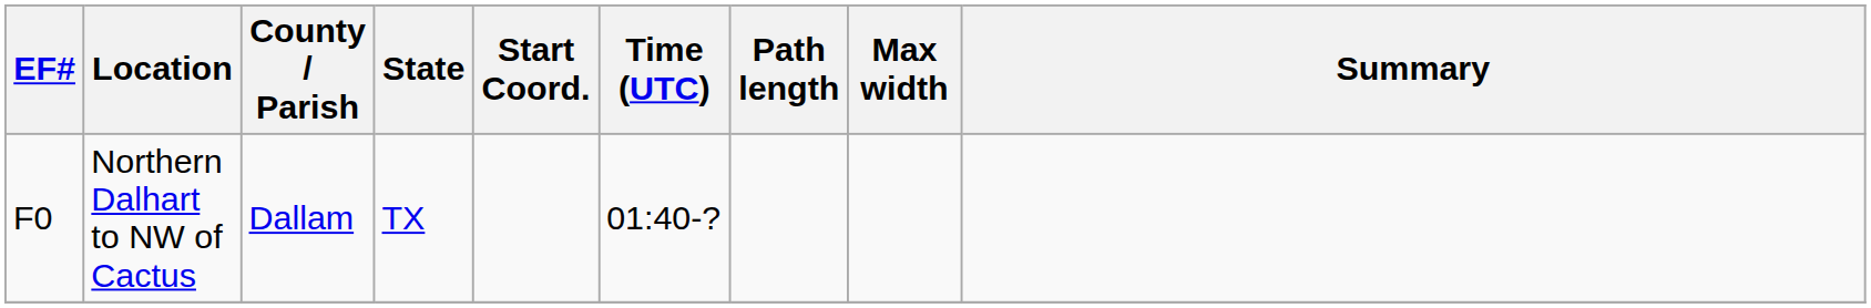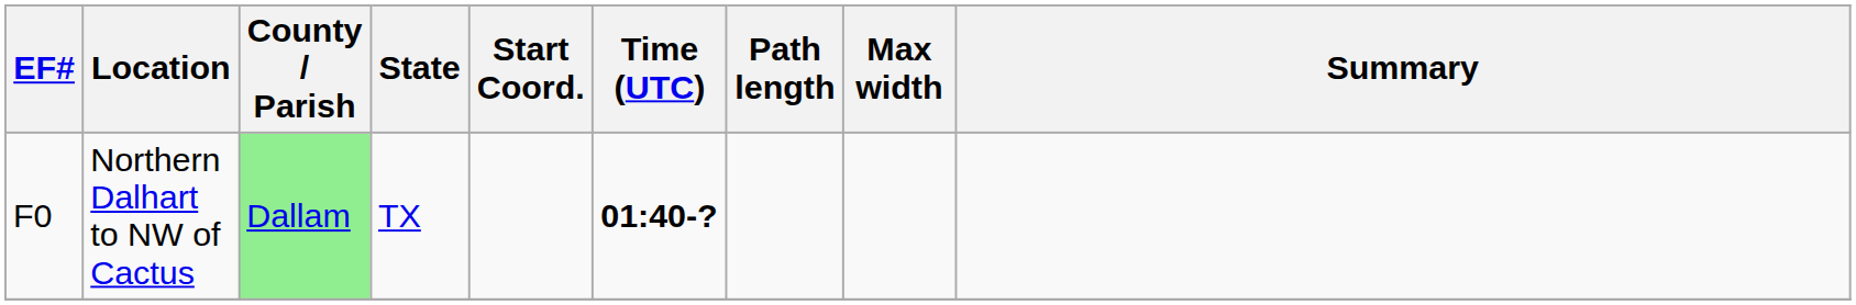 <table class="wikitable sortable" style="width:100%;">
 <tr>
 <th scope="col"  style="width:3%; text-align:center;"><a href='#'>EF#</a></th>
 <th scope="col"  style="width:7%; text-align:center;" class="unsortable">Location</th>
 <th scope="col"  style="width:6%; text-align:center;" class="unsortable">County / Parish</th>
 <th scope="col"  style="width:5%; text-align:center;">State</th>
 <th scope="col"  style="width:6%; text-align:center;">Start Coord.</th>
 <th scope="col"  style="width:6%; text-align:center;">Time (<a href='#'>UTC</a>)</th>
 <th scope="col"  style="width:6%; text-align:center;">Path length</th>
 <th scope="col"  style="width:6%; text-align:center;">Max width</th>
 <th scope="col" class="unsortable" style="width:48%; text-align:center;">Summary</th>
 </tr>
 <tr>
 <td bgcolor=>F0</td>
 <td>Northern <a href='#'>Dalhart</a> to NW of <a href='#'>Cactus</a></td>
-<td><a href='#'>Dallam</a></td>
+<td style="background: lightgreen;"><a href='#'>Dallam</a></td>
 <td><a href='#'>TX</a></td>
 <td></td>
-<td>01:40-?</td>
+<td><strong>01:40-?</strong></td>
 <td></td>
 <td></td>
 <td></td>
 </tr>
 <tr>
 </tr>
 </table>
